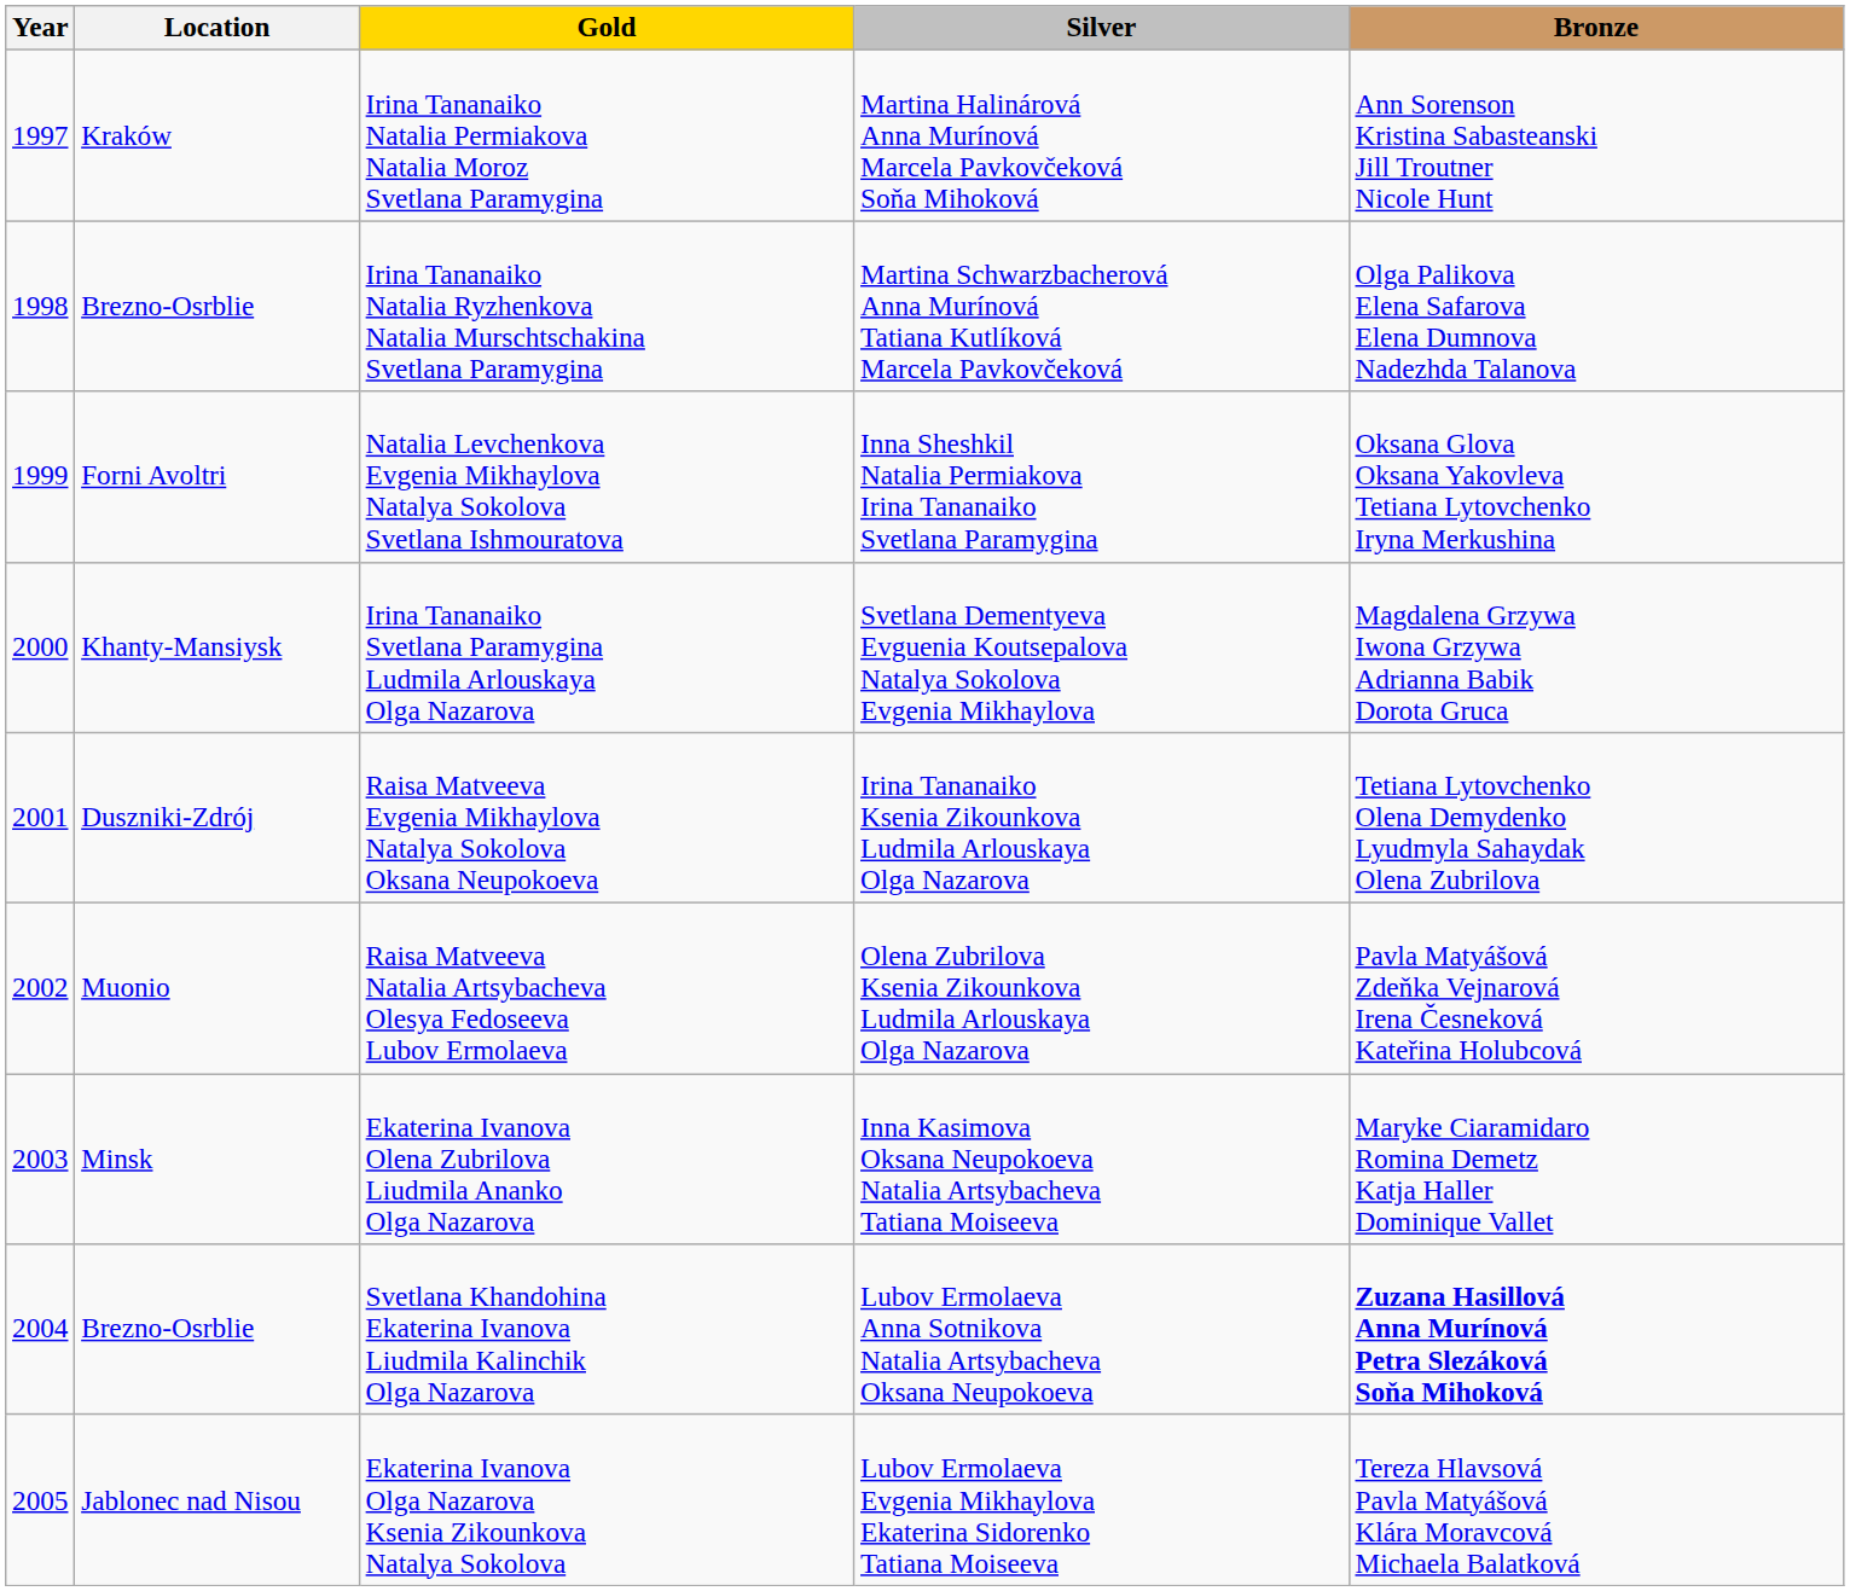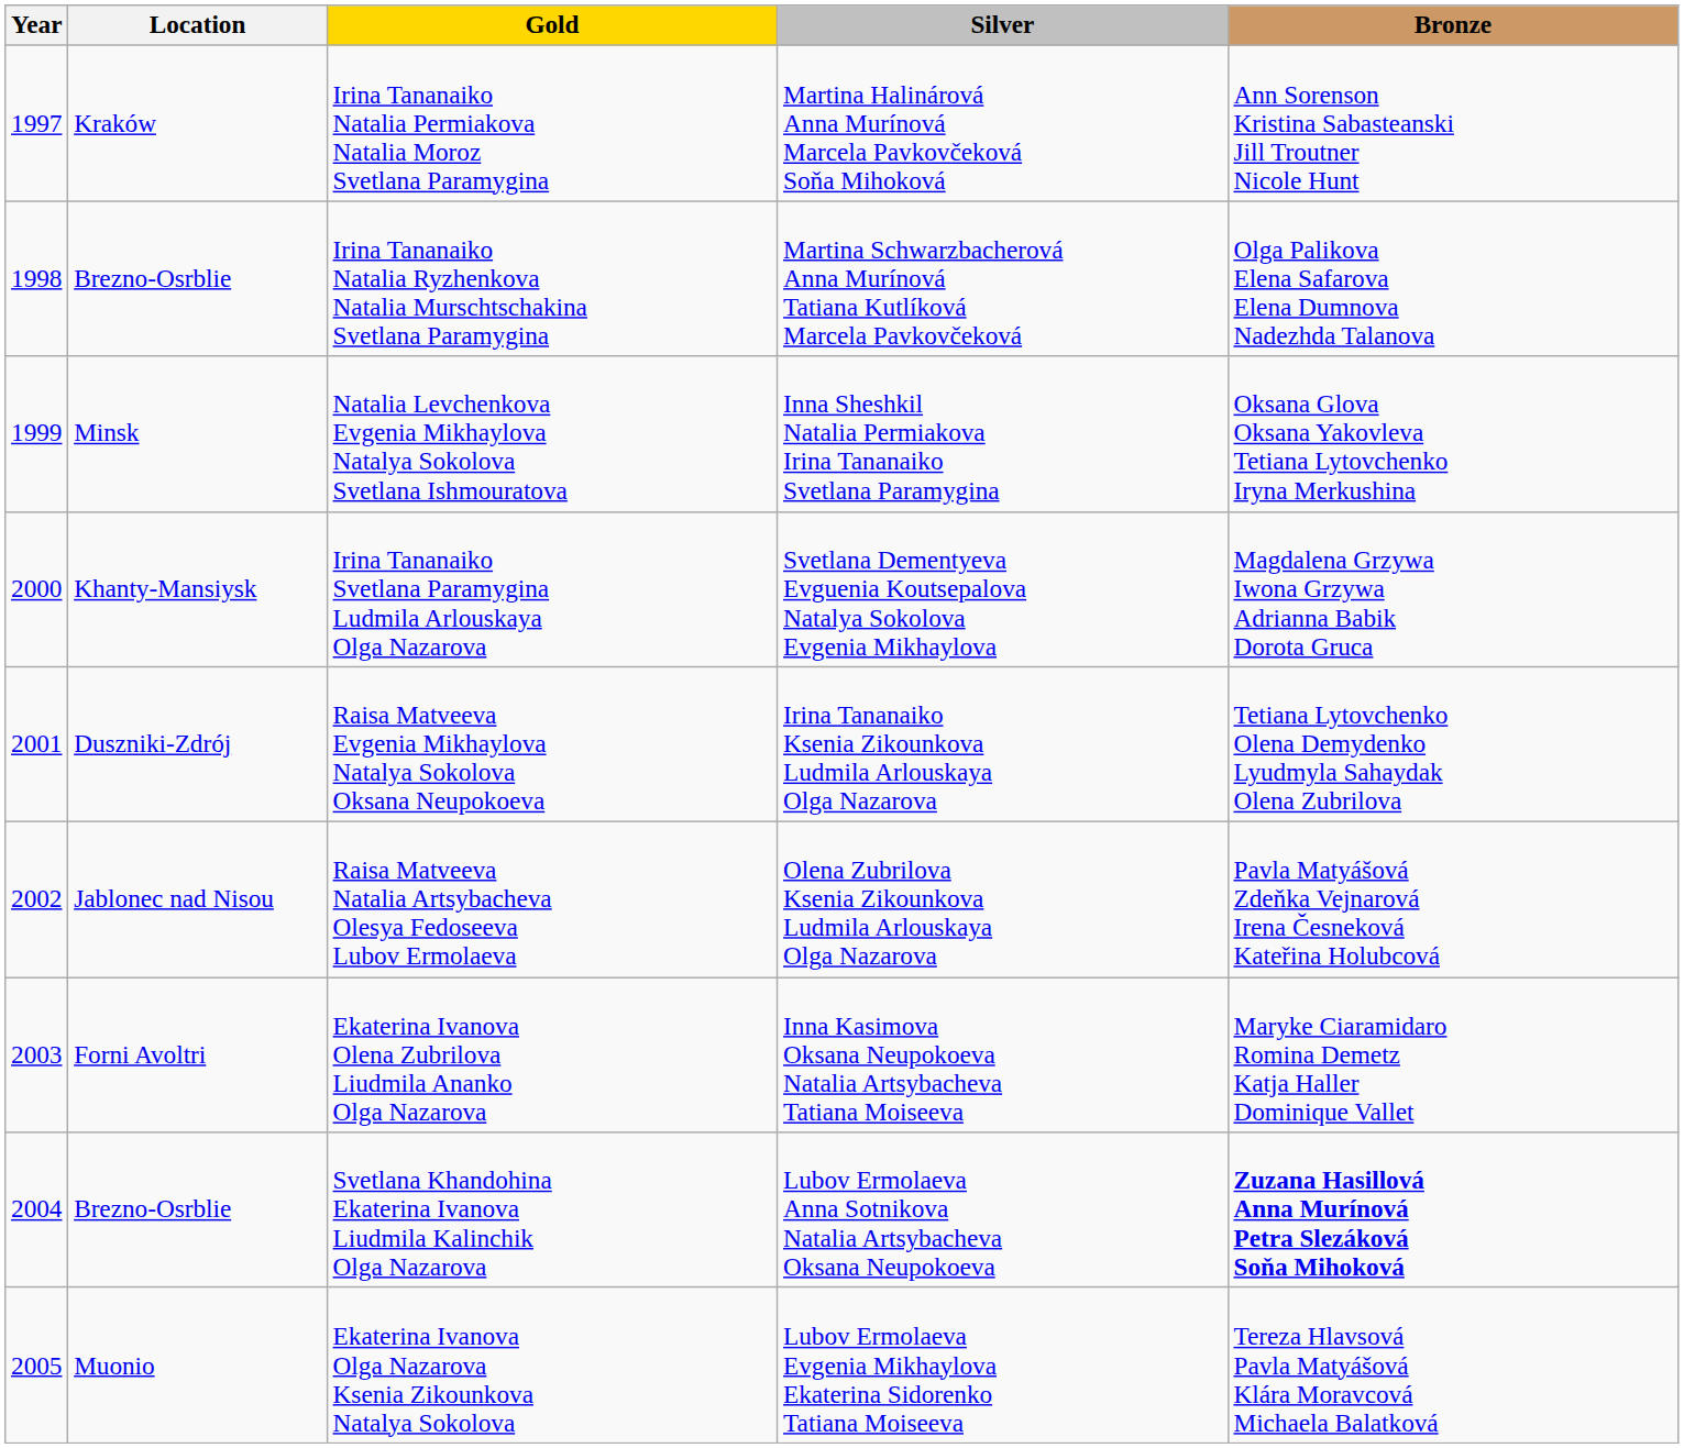 <table class="wikitable">
 <tr>
 <th>Year</th>
 <th width="155">Location</th>
 <th style="background:gold" width="275">Gold</th>
 <th style="background:silver" width="275">Silver</th>
 <th style="background:#cc9966" width="275">Bronze</th>
 </tr>
 <tr>
 <td><a href='#'>1997</a></td>
 <td> <a href='#'>Kraków</a></td>
 <td><br><a href='#'>Irina Tananaiko</a><br><a href='#'>Natalia Permiakova</a><br><a href='#'>Natalia Moroz</a><br><a href='#'>Svetlana Paramygina</a></td>
 <td><br><a href='#'>Martina Halinárová</a><br><a href='#'>Anna Murínová</a><br><a href='#'>Marcela Pavkovčeková</a><br><a href='#'>Soňa Mihoková</a></td>
 <td><br><a href='#'>Ann Sorenson</a><br><a href='#'>Kristina Sabasteanski</a><br><a href='#'>Jill Troutner</a><br><a href='#'>Nicole Hunt</a></td>
 </tr>
 <tr>
 <td><a href='#'>1998</a></td>
 <td> <a href='#'>Brezno-Osrblie</a></td>
 <td><br><a href='#'>Irina Tananaiko</a><br><a href='#'>Natalia Ryzhenkova</a><br><a href='#'>Natalia Murschtschakina</a><br><a href='#'>Svetlana Paramygina</a></td>
 <td><br><a href='#'>Martina Schwarzbacherová</a><br><a href='#'>Anna Murínová</a><br><a href='#'>Tatiana Kutlíková</a><br><a href='#'>Marcela Pavkovčeková</a></td>
 <td><br><a href='#'>Olga Palikova</a><br><a href='#'>Elena Safarova</a><br><a href='#'>Elena Dumnova</a><br><a href='#'>Nadezhda Talanova</a></td>
 </tr>
 <tr>
 <td><a href='#'>1999</a></td>
-<td> <a href='#'>Forni Avoltri</a></td>
+<td> <a href='#'>Minsk</a></td>
 <td><br><a href='#'>Natalia Levchenkova</a><br><a href='#'>Evgenia Mikhaylova</a><br><a href='#'>Natalya Sokolova</a><br><a href='#'>Svetlana Ishmouratova</a></td>
 <td><br><a href='#'>Inna Sheshkil</a><br><a href='#'>Natalia Permiakova</a><br><a href='#'>Irina Tananaiko</a><br><a href='#'>Svetlana Paramygina</a></td>
 <td><br><a href='#'>Oksana Glova</a><br><a href='#'>Oksana Yakovleva</a><br><a href='#'>Tetiana Lytovchenko</a><br><a href='#'>Iryna Merkushina</a></td>
 </tr>
 <tr>
 <td><a href='#'>2000</a></td>
 <td> <a href='#'>Khanty-Mansiysk</a></td>
 <td><br><a href='#'>Irina Tananaiko</a><br><a href='#'>Svetlana Paramygina</a><br><a href='#'>Ludmila Arlouskaya</a><br><a href='#'>Olga Nazarova</a></td>
 <td><br><a href='#'>Svetlana Dementyeva</a><br><a href='#'>Evguenia Koutsepalova</a><br><a href='#'>Natalya Sokolova</a><br><a href='#'>Evgenia Mikhaylova</a></td>
 <td><br><a href='#'>Magdalena Grzywa</a><br><a href='#'>Iwona Grzywa</a><br><a href='#'>Adrianna Babik</a><br><a href='#'>Dorota Gruca</a></td>
 </tr>
 <tr>
 <td><a href='#'>2001</a></td>
 <td> <a href='#'>Duszniki-Zdrój</a></td>
 <td><br><a href='#'>Raisa Matveeva</a><br><a href='#'>Evgenia Mikhaylova</a><br><a href='#'>Natalya Sokolova</a><br><a href='#'>Oksana Neupokoeva</a></td>
 <td><br><a href='#'>Irina Tananaiko</a><br><a href='#'>Ksenia Zikounkova</a><br><a href='#'>Ludmila Arlouskaya</a><br><a href='#'>Olga Nazarova</a></td>
 <td><br><a href='#'>Tetiana Lytovchenko</a><br><a href='#'>Olena Demydenko</a><br><a href='#'>Lyudmyla Sahaydak</a><br><a href='#'>Olena Zubrilova</a></td>
 </tr>
 <tr>
 <td><a href='#'>2002</a></td>
-<td> <a href='#'>Muonio</a></td>
+<td> <a href='#'>Jablonec nad Nisou</a></td>
 <td><br><a href='#'>Raisa Matveeva</a><br><a href='#'>Natalia Artsybacheva</a><br><a href='#'>Olesya Fedoseeva</a><br><a href='#'>Lubov Ermolaeva</a></td>
 <td><br><a href='#'>Olena Zubrilova</a><br><a href='#'>Ksenia Zikounkova</a><br><a href='#'>Ludmila Arlouskaya</a><br><a href='#'>Olga Nazarova</a></td>
 <td><br><a href='#'>Pavla Matyášová</a><br><a href='#'>Zdeňka Vejnarová</a><br><a href='#'>Irena Česneková</a><br><a href='#'>Kateřina Holubcová</a></td>
 </tr>
 <tr>
 <td><a href='#'>2003</a></td>
-<td> <a href='#'>Minsk</a></td>
+<td> <a href='#'>Forni Avoltri</a></td>
 <td><br><a href='#'>Ekaterina Ivanova</a><br><a href='#'>Olena Zubrilova</a><br><a href='#'>Liudmila Ananko</a><br><a href='#'>Olga Nazarova</a></td>
 <td><br><a href='#'>Inna Kasimova</a><br><a href='#'>Oksana Neupokoeva</a><br><a href='#'>Natalia Artsybacheva</a><br><a href='#'>Tatiana Moiseeva</a></td>
 <td><br><a href='#'>Maryke Ciaramidaro</a><br><a href='#'>Romina Demetz</a><br><a href='#'>Katja Haller</a><br><a href='#'>Dominique Vallet</a></td>
 </tr>
 <tr>
 <td><a href='#'>2004</a></td>
 <td> <a href='#'>Brezno-Osrblie</a></td>
 <td><br><a href='#'>Svetlana Khandohina</a><br><a href='#'>Ekaterina Ivanova</a><br><a href='#'>Liudmila Kalinchik</a><br><a href='#'>Olga Nazarova</a></td>
 <td><br><a href='#'>Lubov Ermolaeva</a><br><a href='#'>Anna Sotnikova</a><br><a href='#'>Natalia Artsybacheva</a><br><a href='#'>Oksana Neupokoeva</a></td>
 <td><strong><br><a href='#'>Zuzana Hasillová</a><br><a href='#'>Anna Murínová</a><br><a href='#'>Petra Slezáková</a><br><a href='#'>Soňa Mihoková</a></strong></td>
 </tr>
 <tr>
 <td><a href='#'>2005</a></td>
-<td> <a href='#'>Jablonec nad Nisou</a></td>
+<td> <a href='#'>Muonio</a></td>
 <td><br><a href='#'>Ekaterina Ivanova</a><br><a href='#'>Olga Nazarova</a><br><a href='#'>Ksenia Zikounkova</a><br><a href='#'>Natalya Sokolova</a></td>
 <td><br><a href='#'>Lubov Ermolaeva</a><br><a href='#'>Evgenia Mikhaylova</a><br><a href='#'>Ekaterina Sidorenko</a><br><a href='#'>Tatiana Moiseeva</a></td>
 <td><br><a href='#'>Tereza Hlavsová</a><br><a href='#'>Pavla Matyášová</a><br><a href='#'>Klára Moravcová</a><br><a href='#'>Michaela Balatková</a></td>
 </tr>
 </table>
